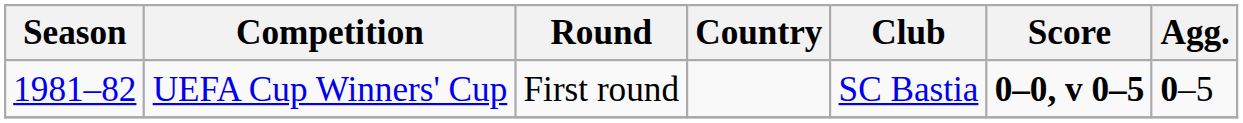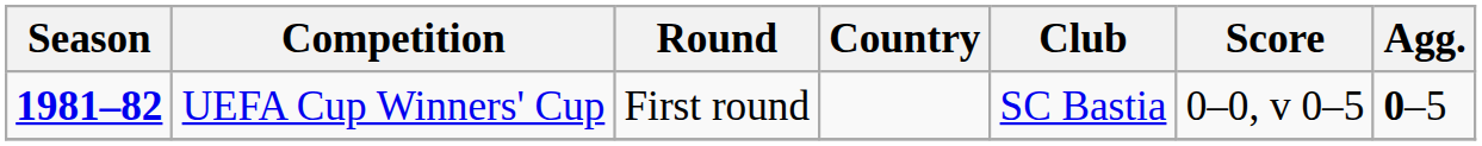 <table class="wikitable">
 <tr>
 <th>Season</th>
 <th>Competition</th>
 <th>Round</th>
 <th>Country</th>
 <th>Club</th>
 <th>Score</th>
 <th>Agg.</th>
 </tr>
 <tr>
-<td rowspan="1"><a href='#'>1981–82</a></td>
+<td rowspan="1"><strong><a href='#'>1981–82</a></strong></td>
 <td rowspan="1" align="center"><a href='#'>UEFA Cup Winners' Cup</a></td>
 <td>First round</td>
 <td align="center"></td>
 <td><a href='#'>SC Bastia</a></td>
-<td><strong>0–0, v 0–5</strong></td>
+<td>0–0, v 0–5</td>
 <td><strong>0</strong>–5</td>
 </tr>
 <tr>
 </tr>
 </table>
